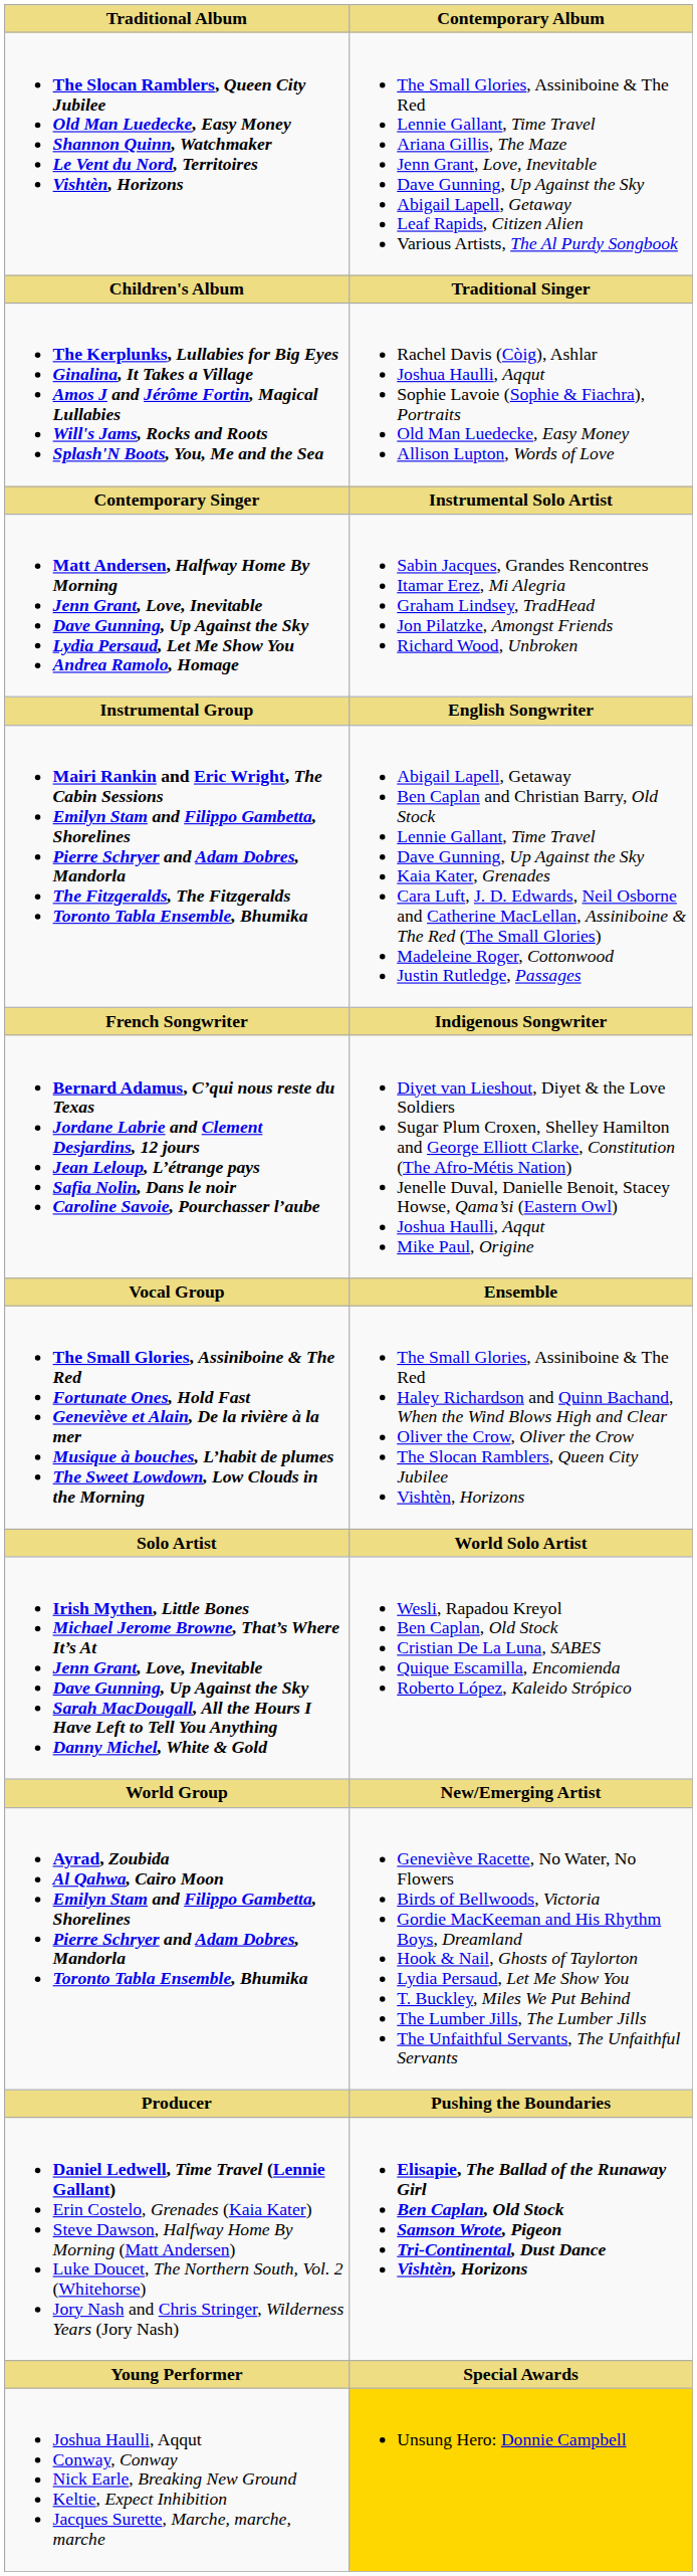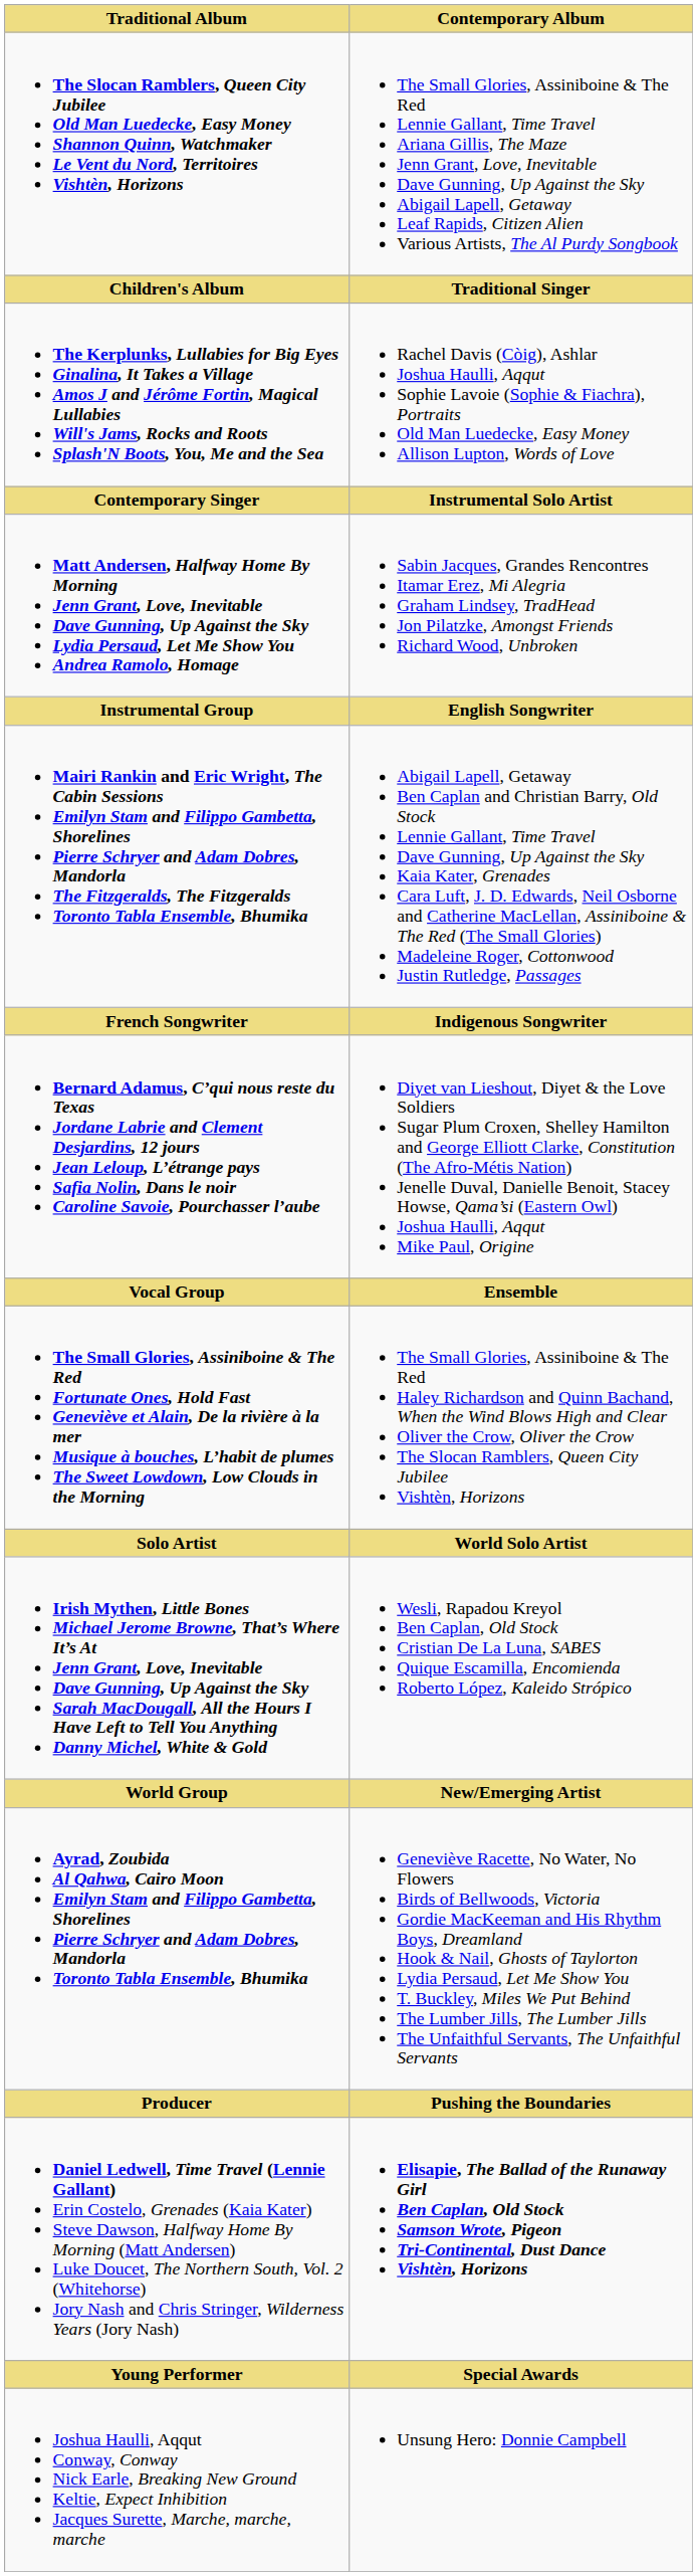 <table class=wikitable width="100%">
 <tr>
 <th style="background:#EEDD82; width:50%">Traditional Album</th>
 <th style="background:#EEDD82; width:50%">Contemporary Album</th>
 </tr>
 <tr>
 <td valign="top"><br><ul><li> <strong><a href='#'>The Slocan Ramblers</a>, <em>Queen City Jubilee<strong><em></li><li><a href='#'>Old Man Luedecke</a>, </em>Easy Money<em></li><li><a href='#'>Shannon Quinn</a>, </em>Watchmaker<em></li><li><a href='#'>Le Vent du Nord</a>, </em>Territoires<em></li><li><a href='#'>Vishtèn</a>, </em>Horizons<em></li></ul></td>
 <td valign="top"><br><ul><li> </strong><a href='#'>The Small Glories</a>, </em>Assiniboine & The Red</em></strong></li><li><a href='#'>Lennie Gallant</a>, <em>Time Travel</em></li><li><a href='#'>Ariana Gillis</a>, <em>The Maze</em></li><li><a href='#'>Jenn Grant</a>, <em>Love, Inevitable</em></li><li><a href='#'>Dave Gunning</a>, <em>Up Against the Sky</em></li><li><a href='#'>Abigail Lapell</a>, <em>Getaway</em></li><li><a href='#'>Leaf Rapids</a>, <em>Citizen Alien</em></li><li>Various Artists, <em><a href='#'>The Al Purdy Songbook</a></em></li></ul></td>
 </tr>
 <tr>
 <th style="background:#EEDD82; width:50%">Children's Album</th>
 <th style="background:#EEDD82; width:50%">Traditional Singer</th>
 </tr>
 <tr>
 <td valign="top"><br><ul><li> <strong><a href='#'>The Kerplunks</a>, <em>Lullabies for Big Eyes<strong><em></li><li><a href='#'>Ginalina</a>, </em>It Takes a Village<em></li><li><a href='#'>Amos J</a> and <a href='#'>Jérôme Fortin</a>, </em>Magical Lullabies<em></li><li><a href='#'>Will's Jams</a>, </em>Rocks and Roots<em></li><li><a href='#'>Splash'N Boots</a>, </em>You, Me and the Sea<em></li></ul></td>
 <td valign="top"><br><ul><li> </strong>Rachel Davis (<a href='#'>Còig</a>), </em>Ashlar</em></strong></li><li><a href='#'>Joshua Haulli</a>, <em>Aqqut</em></li><li>Sophie Lavoie (<a href='#'>Sophie & Fiachra</a>), <em>Portraits</em></li><li><a href='#'>Old Man Luedecke</a>, <em>Easy Money</em></li><li><a href='#'>Allison Lupton</a>, <em>Words of Love</em></li></ul></td>
 </tr>
 <tr>
 <th style="background:#EEDD82; width:50%">Contemporary Singer</th>
 <th style="background:#EEDD82; width:50%">Instrumental Solo Artist</th>
 </tr>
 <tr>
 <td valign="top"><br><ul><li> <strong><a href='#'>Matt Andersen</a>, <em>Halfway Home By Morning<strong><em></li><li><a href='#'>Jenn Grant</a>, </em>Love, Inevitable<em></li><li><a href='#'>Dave Gunning</a>, </em>Up Against the Sky<em></li><li><a href='#'>Lydia Persaud</a>, </em>Let Me Show You<em></li><li><a href='#'>Andrea Ramolo</a>, </em>Homage<em></li></ul></td>
 <td valign="top"><br><ul><li> </strong><a href='#'>Sabin Jacques</a>, </em>Grandes Rencontres</em></strong></li><li><a href='#'>Itamar Erez</a>, <em>Mi Alegria</em></li><li><a href='#'>Graham Lindsey</a>, <em>TradHead</em></li><li><a href='#'>Jon Pilatzke</a>, <em>Amongst Friends</em></li><li><a href='#'>Richard Wood</a>, <em>Unbroken</em></li></ul></td>
 </tr>
 <tr>
 <th style="background:#EEDD82; width:50%">Instrumental Group</th>
 <th style="background:#EEDD82; width:50%">English Songwriter</th>
 </tr>
 <tr>
 <td valign="top"><br><ul><li> <strong><a href='#'>Mairi Rankin</a> and <a href='#'>Eric Wright</a>, <em>The Cabin Sessions<strong><em></li><li><a href='#'>Emilyn Stam</a> and <a href='#'>Filippo Gambetta</a>, </em>Shorelines<em></li><li><a href='#'>Pierre Schryer</a> and <a href='#'>Adam Dobres</a>, </em>Mandorla<em></li><li><a href='#'>The Fitzgeralds</a>, </em>The Fitzgeralds<em></li><li><a href='#'>Toronto Tabla Ensemble</a>, </em>Bhumika<em></li></ul></td>
 <td valign="top"><br><ul><li> </strong><a href='#'>Abigail Lapell</a>, </em>Getaway</em></strong></li><li><a href='#'>Ben Caplan</a> and Christian Barry, <em>Old Stock</em></li><li><a href='#'>Lennie Gallant</a>, <em>Time Travel</em></li><li><a href='#'>Dave Gunning</a>, <em>Up Against the Sky</em></li><li><a href='#'>Kaia Kater</a>, <em>Grenades</em></li><li><a href='#'>Cara Luft</a>, <a href='#'>J. D. Edwards</a>, <a href='#'>Neil Osborne</a> and <a href='#'>Catherine MacLellan</a>, <em>Assiniboine & The Red</em> (<a href='#'>The Small Glories</a>)</li><li><a href='#'>Madeleine Roger</a>, <em>Cottonwood</em></li><li><a href='#'>Justin Rutledge</a>, <em><a href='#'>Passages</a></em></li></ul></td>
 </tr>
 <tr>
 <th style="background:#EEDD82; width:50%">French Songwriter</th>
 <th style="background:#EEDD82; width:50%">Indigenous Songwriter</th>
 </tr>
 <tr>
 <td valign="top"><br><ul><li> <strong><a href='#'>Bernard Adamus</a>, <em>C’qui nous reste du Texas<strong><em></li><li><a href='#'>Jordane Labrie</a> and <a href='#'>Clement Desjardins</a>, </em>12 jours<em></li><li><a href='#'>Jean Leloup</a>, </em>L’étrange pays<em></li><li><a href='#'>Safia Nolin</a>, </em>Dans le noir<em></li><li><a href='#'>Caroline Savoie</a>, </em>Pourchasser l’aube<em></li></ul></td>
 <td valign="top"><br><ul><li> </strong><a href='#'>Diyet van Lieshout</a>, </em>Diyet & the Love Soldiers</em></strong></li><li>Sugar Plum Croxen, Shelley Hamilton and <a href='#'>George Elliott Clarke</a>, <em>Constitution</em> (<a href='#'>The Afro-Métis Nation</a>)</li><li>Jenelle Duval, Danielle Benoit, Stacey Howse, <em>Qama’si</em> (<a href='#'>Eastern Owl</a>)</li><li><a href='#'>Joshua Haulli</a>, <em>Aqqut</em></li><li><a href='#'>Mike Paul</a>, <em>Origine</em></li></ul></td>
 </tr>
 <tr>
 <th style="background:#EEDD82; width:50%">Vocal Group</th>
 <th style="background:#EEDD82; width:50%">Ensemble</th>
 </tr>
 <tr>
 <td valign="top"><br><ul><li> <strong><a href='#'>The Small Glories</a>, <em>Assiniboine & The Red<strong><em></li><li><a href='#'>Fortunate Ones</a>, </em>Hold Fast<em></li><li><a href='#'>Geneviève et Alain</a>, </em>De la rivière à la mer<em></li><li><a href='#'>Musique à bouches</a>, </em>L’habit de plumes<em></li><li><a href='#'>The Sweet Lowdown</a>, </em>Low Clouds in the Morning<em></li></ul></td>
 <td valign="top"><br><ul><li> </strong><a href='#'>The Small Glories</a>, </em>Assiniboine & The Red</em></strong></li><li><a href='#'>Haley Richardson</a> and <a href='#'>Quinn Bachand</a>, <em>When the Wind Blows High and Clear</em></li><li><a href='#'>Oliver the Crow</a>, <em>Oliver the Crow</em></li><li><a href='#'>The Slocan Ramblers</a>, <em>Queen City Jubilee</em></li><li><a href='#'>Vishtèn</a>, <em>Horizons</em></li></ul></td>
 </tr>
 <tr>
 <th style="background:#EEDD82; width:50%">Solo Artist</th>
 <th style="background:#EEDD82; width:50%">World Solo Artist</th>
 </tr>
 <tr>
 <td valign="top"><br><ul><li> <strong><a href='#'>Irish Mythen</a>, <em>Little Bones<strong><em></li><li><a href='#'>Michael Jerome Browne</a>, </em>That’s Where It’s At<em></li><li><a href='#'>Jenn Grant</a>, </em>Love, Inevitable<em></li><li><a href='#'>Dave Gunning</a>, </em>Up Against the Sky<em></li><li><a href='#'>Sarah MacDougall</a>, </em>All the Hours I Have Left to Tell You Anything<em></li><li><a href='#'>Danny Michel</a>, </em>White & Gold<em></li></ul></td>
 <td valign="top"><br><ul><li> </strong><a href='#'>Wesli</a>, </em>Rapadou Kreyol</em></strong></li><li><a href='#'>Ben Caplan</a>, <em>Old Stock</em></li><li><a href='#'>Cristian De La Luna</a>, <em>SABES</em></li><li><a href='#'>Quique Escamilla</a>, <em>Encomienda</em></li><li><a href='#'>Roberto López</a>, <em>Kaleido Strópico</em></li></ul></td>
 </tr>
 <tr>
 <th style="background:#EEDD82; width:50%">World Group</th>
 <th style="background:#EEDD82; width:50%">New/Emerging Artist</th>
 </tr>
 <tr>
 <td valign="top"><br><ul><li> <strong><a href='#'>Ayrad</a>, <em>Zoubida<strong><em></li><li><a href='#'>Al Qahwa</a>, </em>Cairo Moon<em></li><li><a href='#'>Emilyn Stam</a> and <a href='#'>Filippo Gambetta</a>, </em>Shorelines<em></li><li><a href='#'>Pierre Schryer</a> and <a href='#'>Adam Dobres</a>, </em>Mandorla<em></li><li><a href='#'>Toronto Tabla Ensemble</a>, </em>Bhumika<em></li></ul></td>
 <td valign="top"><br><ul><li> </strong><a href='#'>Geneviève Racette</a>, </em>No Water, No Flowers</em></strong></li><li><a href='#'>Birds of Bellwoods</a>, <em>Victoria</em></li><li><a href='#'>Gordie MacKeeman and His Rhythm Boys</a>, <em>Dreamland</em></li><li><a href='#'>Hook & Nail</a>, <em>Ghosts of Taylorton</em></li><li><a href='#'>Lydia Persaud</a>, <em>Let Me Show You</em></li><li><a href='#'>T. Buckley</a>, <em>Miles We Put Behind</em></li><li><a href='#'>The Lumber Jills</a>, <em>The Lumber Jills</em></li><li><a href='#'>The Unfaithful Servants</a>, <em>The Unfaithful Servants</em></li></ul></td>
 </tr>
 <tr>
 <th style="background:#EEDD82; width:50%">Producer</th>
 <th style="background:#EEDD82; width:50%">Pushing the Boundaries</th>
 </tr>
 <tr>
 <td valign="top"><br><ul><li> <strong><a href='#'>Daniel Ledwell</a>, <em>Time Travel</em> (<a href='#'>Lennie Gallant</a>)</strong></li><li><a href='#'>Erin Costelo</a>, <em>Grenades</em> (<a href='#'>Kaia Kater</a>)</li><li><a href='#'>Steve Dawson</a>, <em>Halfway Home By Morning</em> (<a href='#'>Matt Andersen</a>)</li><li><a href='#'>Luke Doucet</a>, <em>The Northern South, Vol. 2</em> (<a href='#'>Whitehorse</a>)</li><li><a href='#'>Jory Nash</a> and <a href='#'>Chris Stringer</a>, <em>Wilderness Years</em> (Jory Nash)</li></ul></td>
 <td valign="top"><br><ul><li> <strong><a href='#'>Elisapie</a>, <em>The Ballad of the Runaway Girl<strong><em></li><li><a href='#'>Ben Caplan</a>, </em>Old Stock<em></li><li><a href='#'>Samson Wrote</a>, </em>Pigeon<em></li><li><a href='#'>Tri-Continental</a>, </em>Dust Dance<em></li><li><a href='#'>Vishtèn</a>, </em>Horizons<em></li></ul></td>
 </tr>
 <tr>
 <th style="background:#EEDD82; width:50%">Young Performer</th>
 <th style="background:#EEDD82; width:50%">Special Awards</th>
 </tr>
 <tr>
 <td valign="top"><br><ul><li> </strong><a href='#'>Joshua Haulli</a>, </em>Aqqut</em></strong></li><li><a href='#'>Conway</a>, <em>Conway</em></li><li><a href='#'>Nick Earle</a>, <em>Breaking New Ground</em></li><li><a href='#'>Keltie</a>, <em>Expect Inhibition</em></li><li><a href='#'>Jacques Surette</a>, <em>Marche, marche, marche</em></li></ul></td>
-<td valign="top" style="background: gold;"><br><ul><li>Unsung Hero: <a href='#'>Donnie Campbell</a></li></ul></td>
+<td valign="top"><br><ul><li>Unsung Hero: <a href='#'>Donnie Campbell</a></li></ul></td>
 </tr>
 </table>
